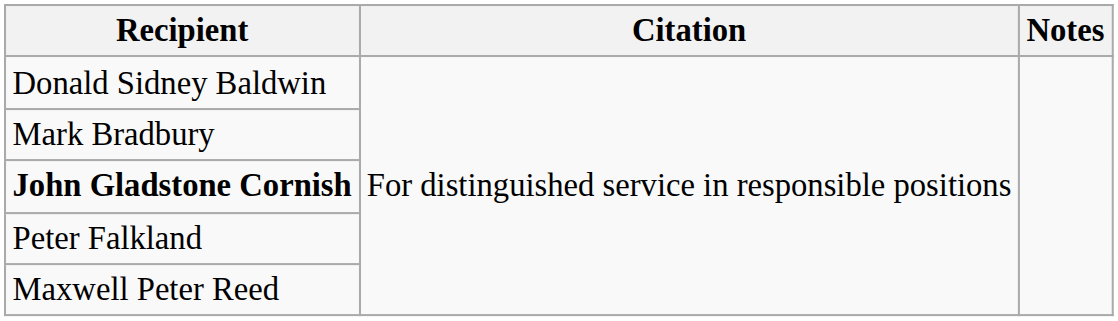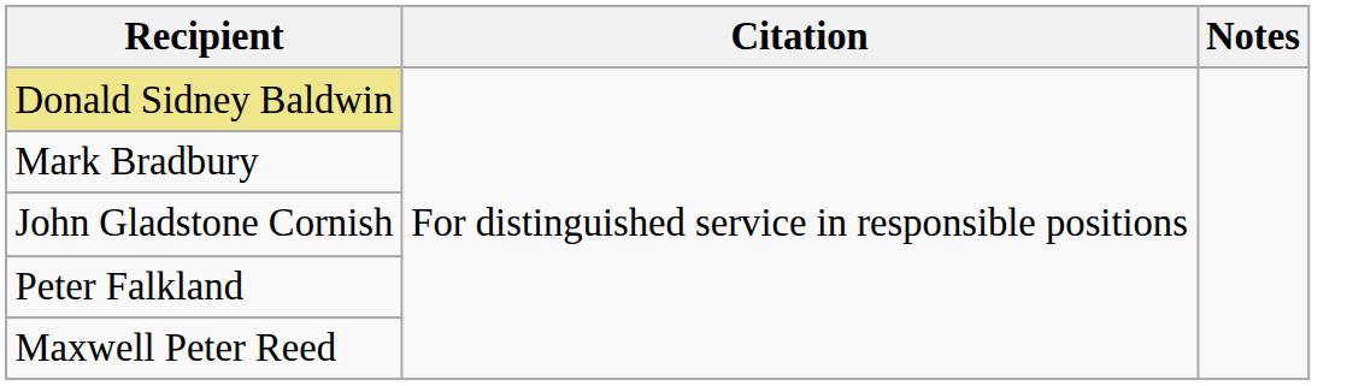 <table class=wikitable>
 <tr>
 <th>Recipient</th>
 <th>Citation</th>
 <th>Notes</th>
 </tr>
 <tr>
-<td> Donald Sidney Baldwin</td>
+<td style="background: khaki;"> Donald Sidney Baldwin</td>
 <td rowspan=5>For distinguished service in responsible positions</td>
 <td rowspan=5></td>
 </tr>
 <tr>
 <td> Mark Bradbury</td>
 </tr>
 <tr>
-<td><strong> John Gladstone Cornish</strong></td>
+<td> John Gladstone Cornish</td>
 </tr>
 <tr>
 <td> Peter Falkland</td>
 </tr>
 <tr>
 <td> Maxwell Peter Reed</td>
 </tr>
 </table>
